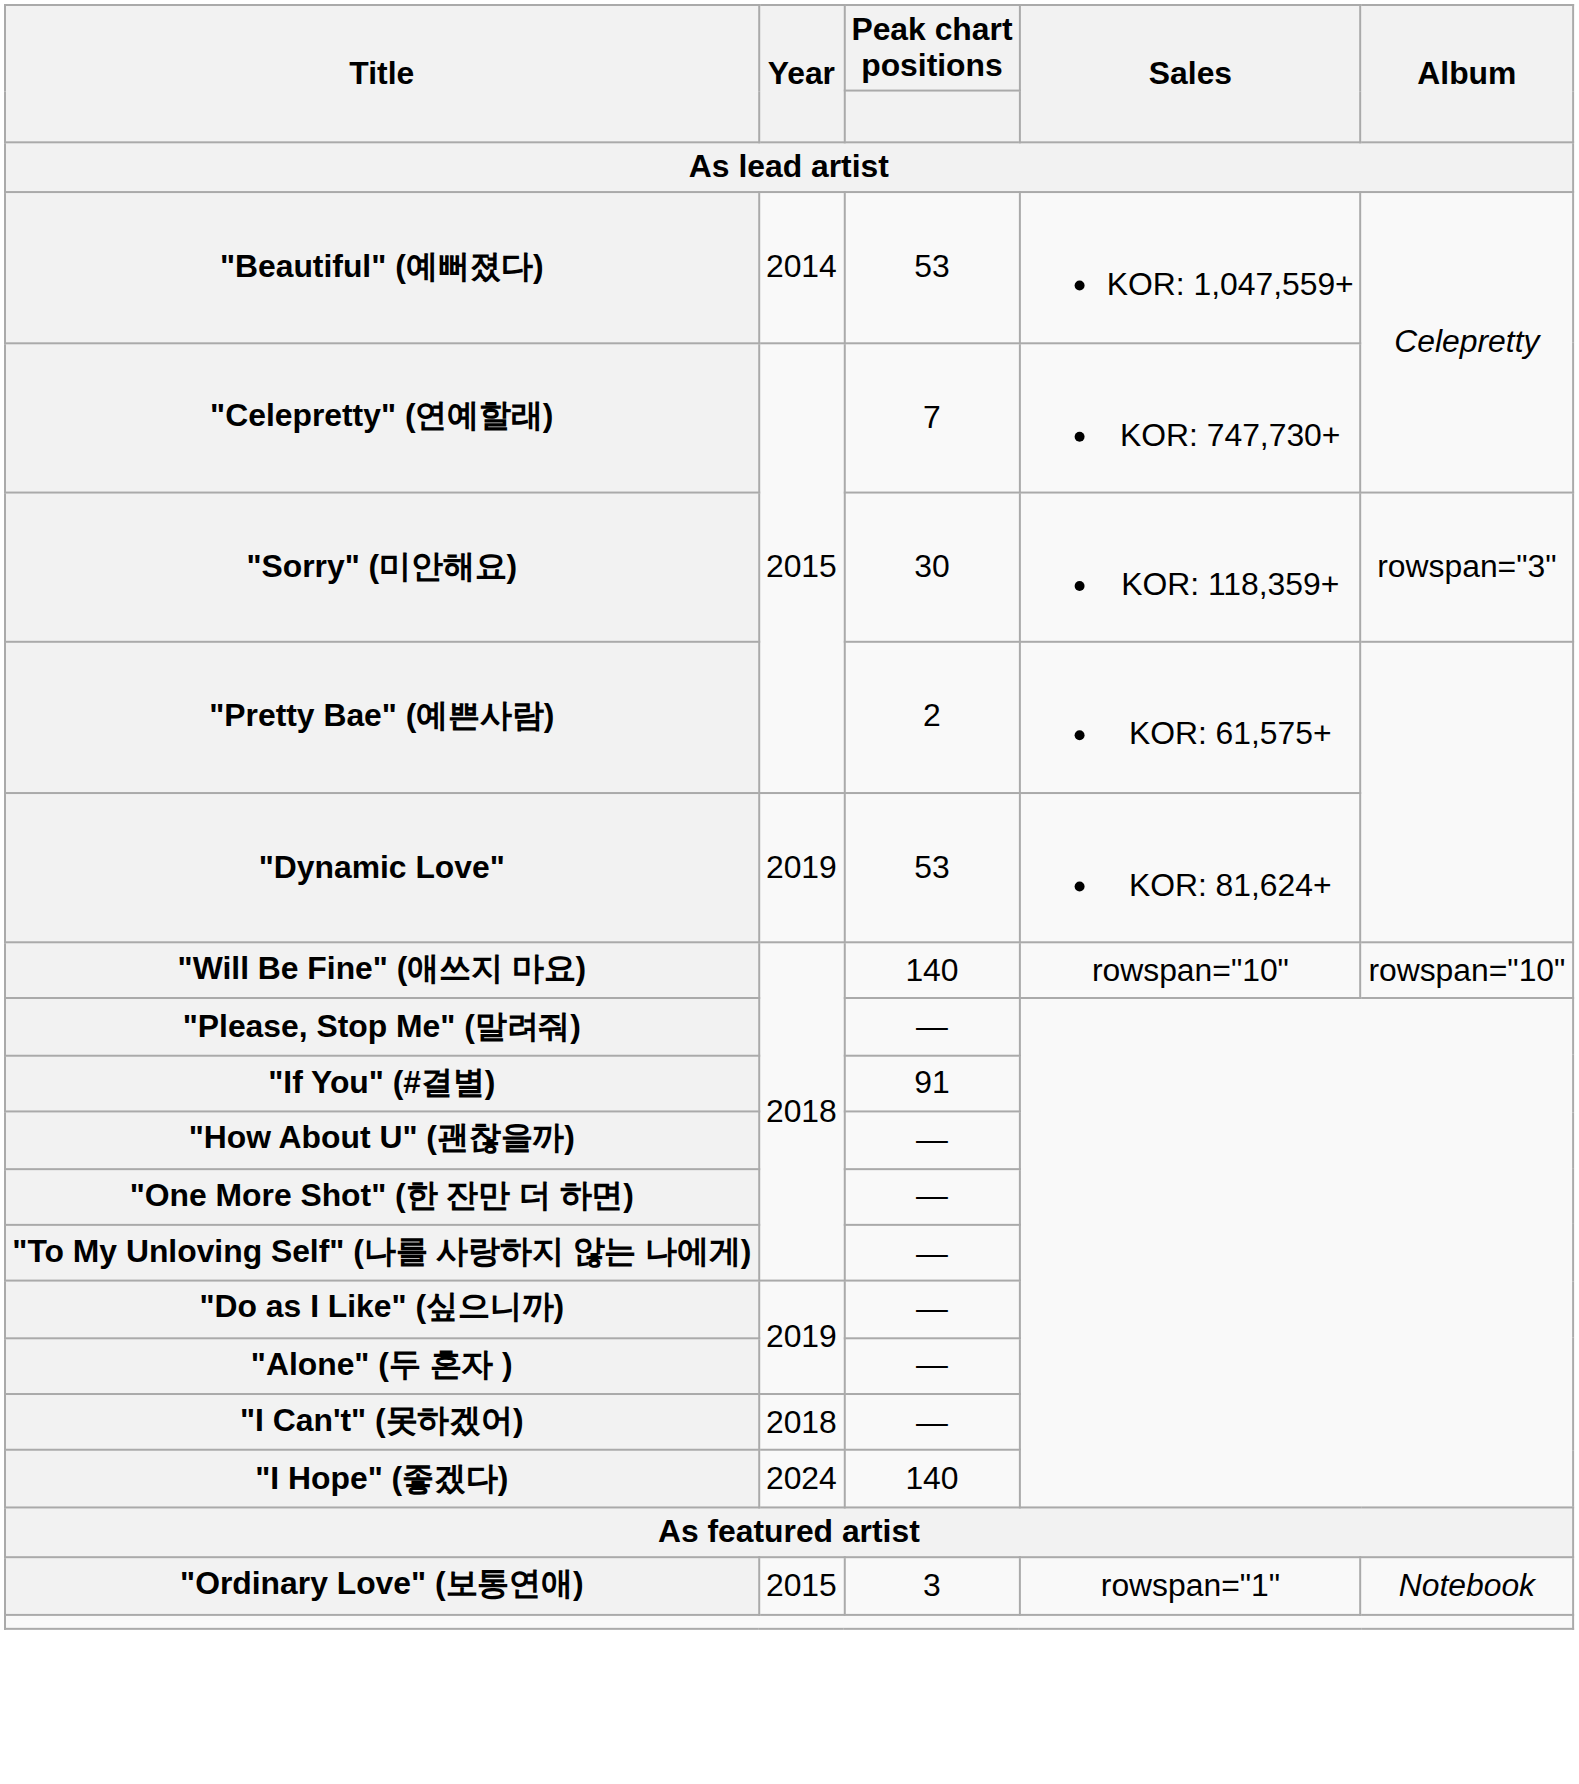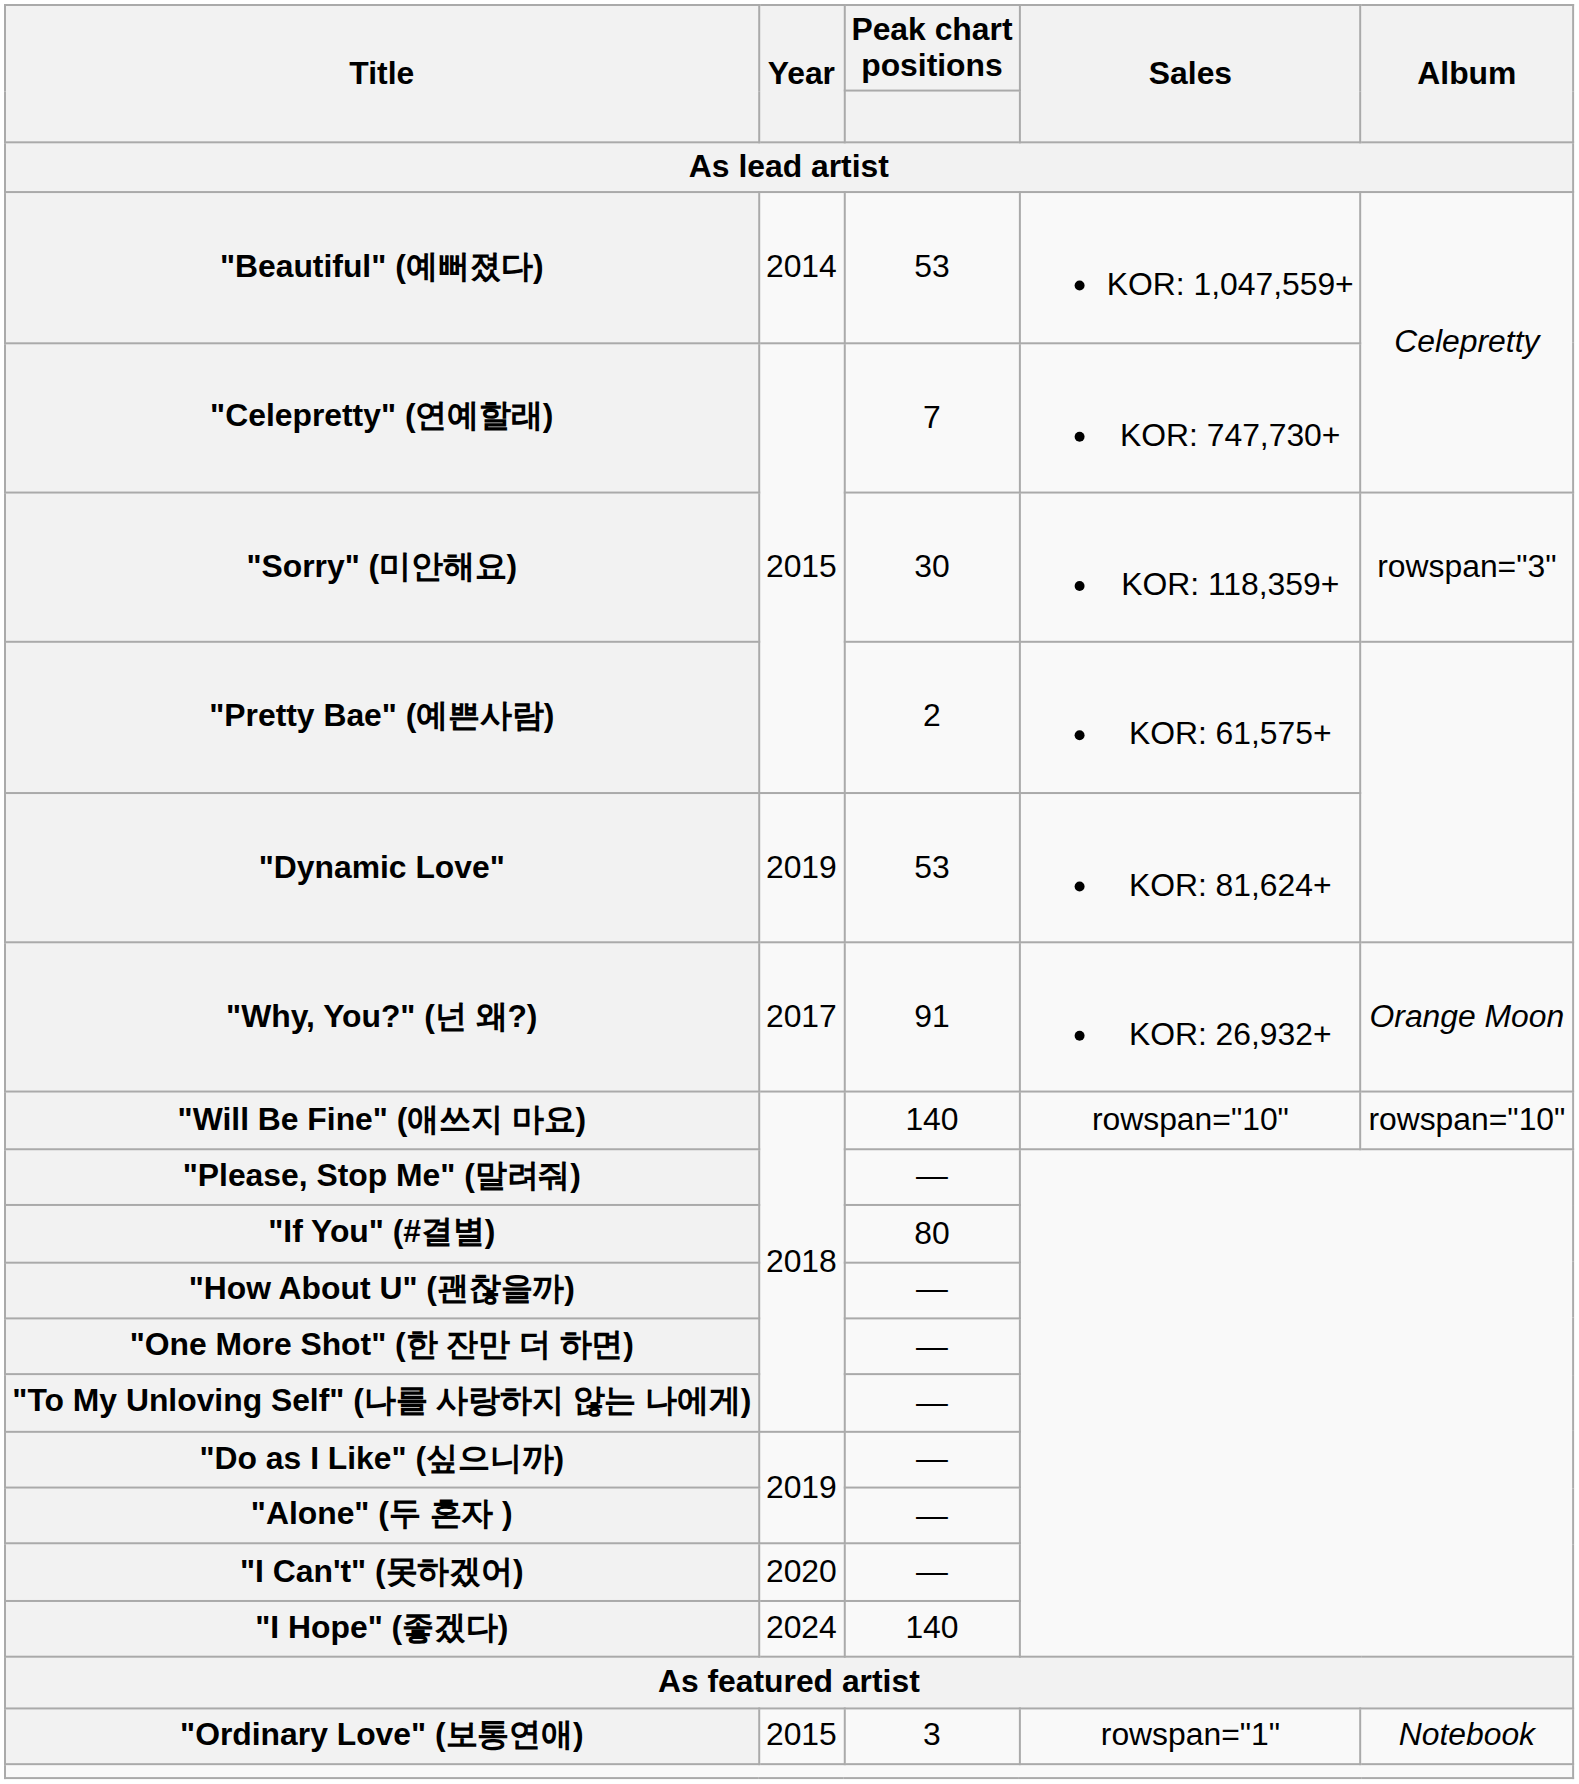 <table class="wikitable plainrowheaders" style="text-align:center">
 <tr>
 <th scope="col" rowspan="2">Title</th>
 <th scope="col" rowspan="2">Year</th>
 <th scope="col" colspan="1">Peak chart<br>positions</th>
 <th scope="col" rowspan="2">Sales</th>
 <th scope="col" rowspan="2">Album</th>
 </tr>
 <tr>
 <th><br></th>
 </tr>
 <tr>
 <th colspan="5">As lead artist</th>
 </tr>
 <tr>
 <th scope="row">"Beautiful" (예뻐졌다)<br></th>
 <td>2014</td>
 <td>53</td>
 <td><br><ul><li>KOR: 1,047,559+</li></ul></td>
 <td rowspan="2"><em>Celepretty</em></td>
 </tr>
 <tr>
 <th scope="row">"Celepretty" (연예할래)</th>
 <td rowspan="3">2015</td>
 <td>7</td>
 <td><br><ul><li>KOR: 747,730+</li></ul></td>
 </tr>
 <tr>
 <th scope="row">"Sorry" (미안해요)</th>
 <td>30</td>
 <td><br><ul><li>KOR: 118,359+</li></ul></td>
 <td>rowspan="3" </td>
 </tr>
 <tr>
 <th scope="row">"Pretty Bae" (예쁜사람)<br></th>
 <td>2</td>
 <td><br><ul><li>KOR: 61,575+</li></ul></td>
 </tr>
 <tr>
 <th scope="row">"Dynamic Love"</th>
 <td>2019</td>
 <td>53</td>
 <td><br><ul><li>KOR: 81,624+</li></ul></td>
 </tr>
 <tr>
+<th scope="row">"Why, You?" (넌 왜?)<br></th>
+<td>2017</td>
+<td>91</td>
+<td><br><ul><li>KOR: 26,932+</li></ul></td>
+<td><em>Orange Moon</em></td>
+</tr>
+<tr>
 <th scope="row">"Will Be Fine" (애쓰지 마요)</th>
 <td rowspan="6">2018</td>
 <td>140</td>
 <td>rowspan="10" </td>
 <td>rowspan="10" </td>
 </tr>
 <tr>
 <th scope="row">"Please, Stop Me" (말려줘)<br></th>
 <td>—</td>
 </tr>
 <tr>
 <th scope="row">"If You" (#결별)<br></th>
-<td>91</td>
+<td>80</td>
 </tr>
 <tr>
 <th scope="row">"How About U" (괜찮을까)</th>
 <td>—</td>
 </tr>
 <tr>
 <th scope="row">"One More Shot" (한 잔만 더 하면)</th>
 <td>—</td>
 </tr>
 <tr>
 <th scope="row">"To My Unloving Self" (나를 사랑하지 않는 나에게)</th>
 <td>—</td>
 </tr>
 <tr>
 <th scope="row">"Do as I Like" (싶으니까)</th>
 <td rowspan="2">2019</td>
 <td>—</td>
 </tr>
 <tr>
 <th scope="row">"Alone" (두 혼자 )<br></th>
 <td>—</td>
 </tr>
 <tr>
 <th scope="row">"I Can't" (못하겠어)</th>
-<td>2018</td>
+<td>2020</td>
 <td>—</td>
 </tr>
 <tr>
 <th scope="row">"I Hope" (좋겠다)<br></th>
 <td>2024</td>
 <td>140</td>
 </tr>
 <tr>
 <th colspan="5">As featured artist</th>
 </tr>
 <tr>
 <th scope="row">"Ordinary Love" (보통연애)<br></th>
 <td>2015</td>
 <td>3</td>
 <td>rowspan="1" </td>
 <td><em>Notebook</em></td>
 </tr>
 <tr>
 <td colspan="5"></td>
 </tr>
 </table>
